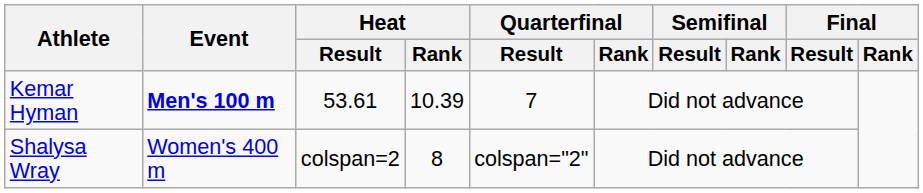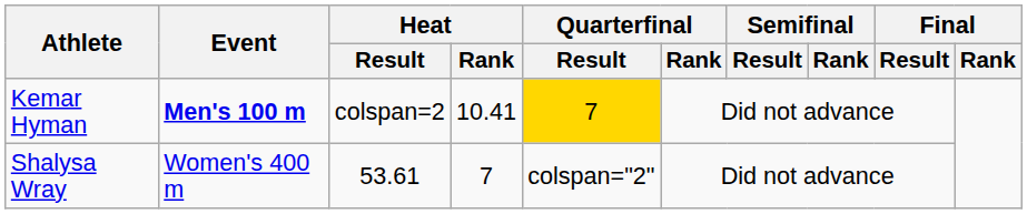 <table class="wikitable" style="font-size:90%">
 <tr>
 <th rowspan="2">Athlete</th>
 <th rowspan="2">Event</th>
 <th colspan="2">Heat</th>
 <th colspan="2">Quarterfinal</th>
 <th colspan="2">Semifinal</th>
 <th colspan="2">Final</th>
 </tr>
 <tr style="font-size:95%">
 <th>Result</th>
 <th>Rank</th>
 <th>Result</th>
 <th>Rank</th>
 <th>Result</th>
 <th>Rank</th>
 <th>Result</th>
 <th>Rank</th>
 </tr>
 <tr align=center>
 <td align=left><a href='#'>Kemar Hyman</a></td>
 <td align=left><strong><a href='#'>Men's 100 m</a></strong></td>
-<td>53.61</td>
-<td>10.39</td>
-<td>7</td>
+<td>colspan=2 </td>
+<td>10.41</td>
+<td style="background: gold;">7</td>
 <td colspan="4">Did not advance</td>
 </tr>
 <tr align=center>
 <td align=left><a href='#'>Shalysa Wray</a></td>
 <td align=left><a href='#'>Women's 400 m</a></td>
-<td>colspan=2 </td>
-<td>8</td>
+<td>53.61</td>
+<td>7</td>
 <td>colspan="2" </td>
 <td colspan=4>Did not advance</td>
 </tr>
 </table>
